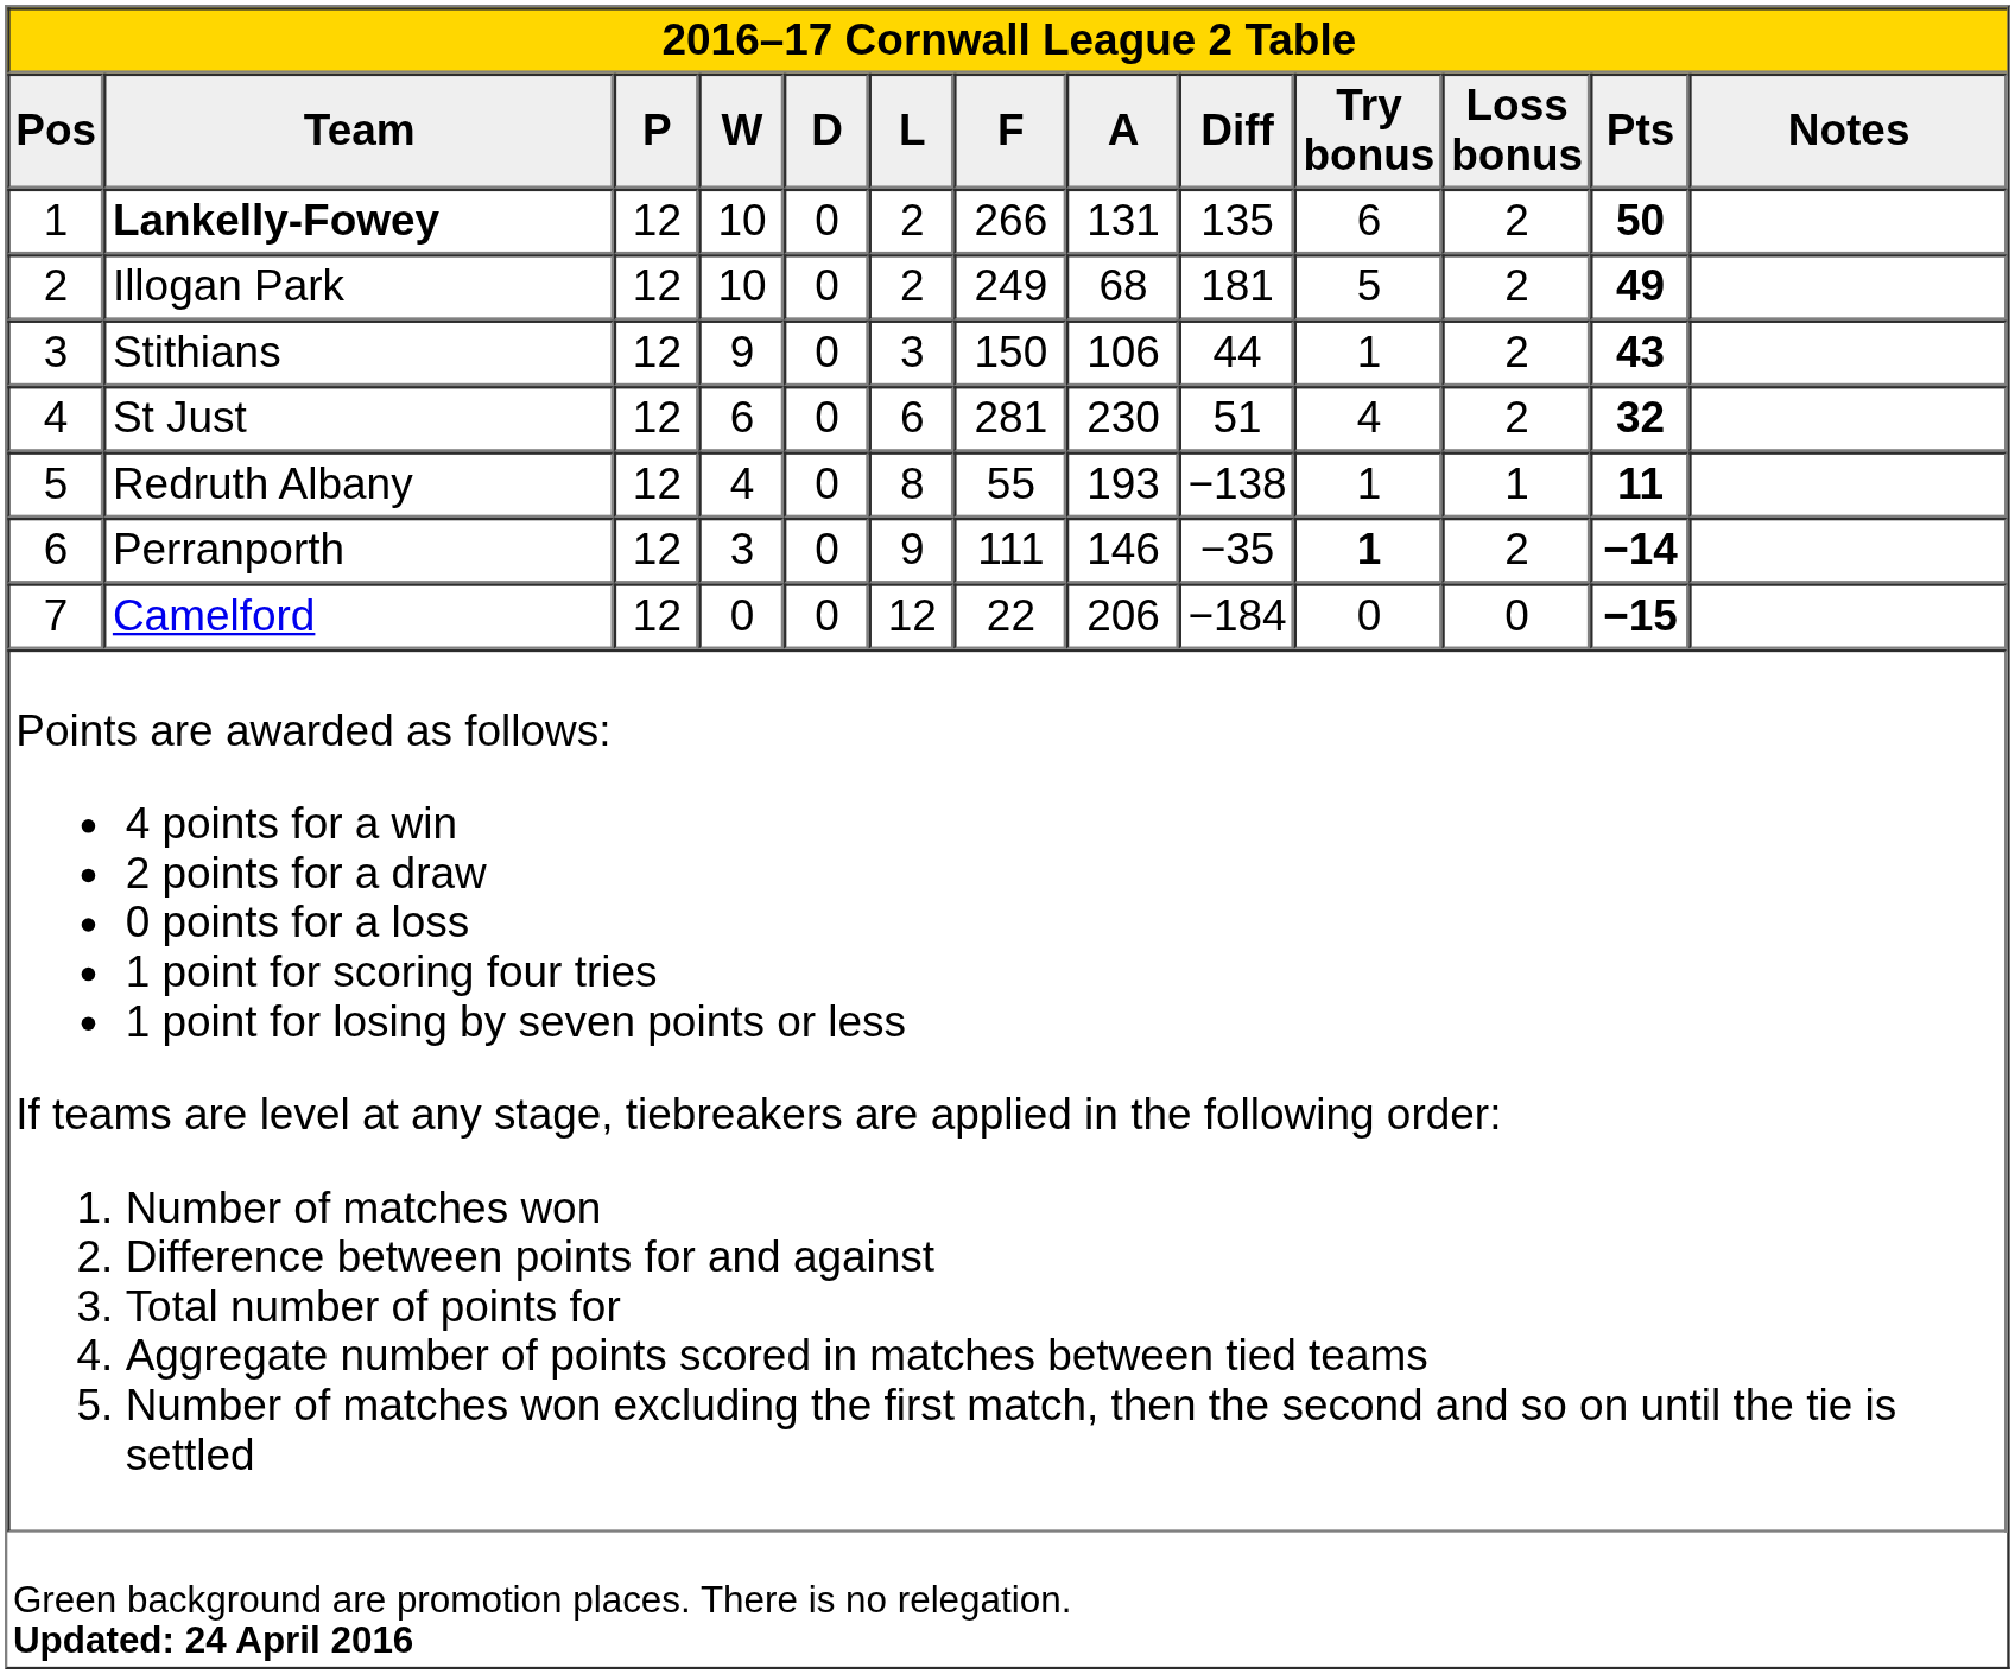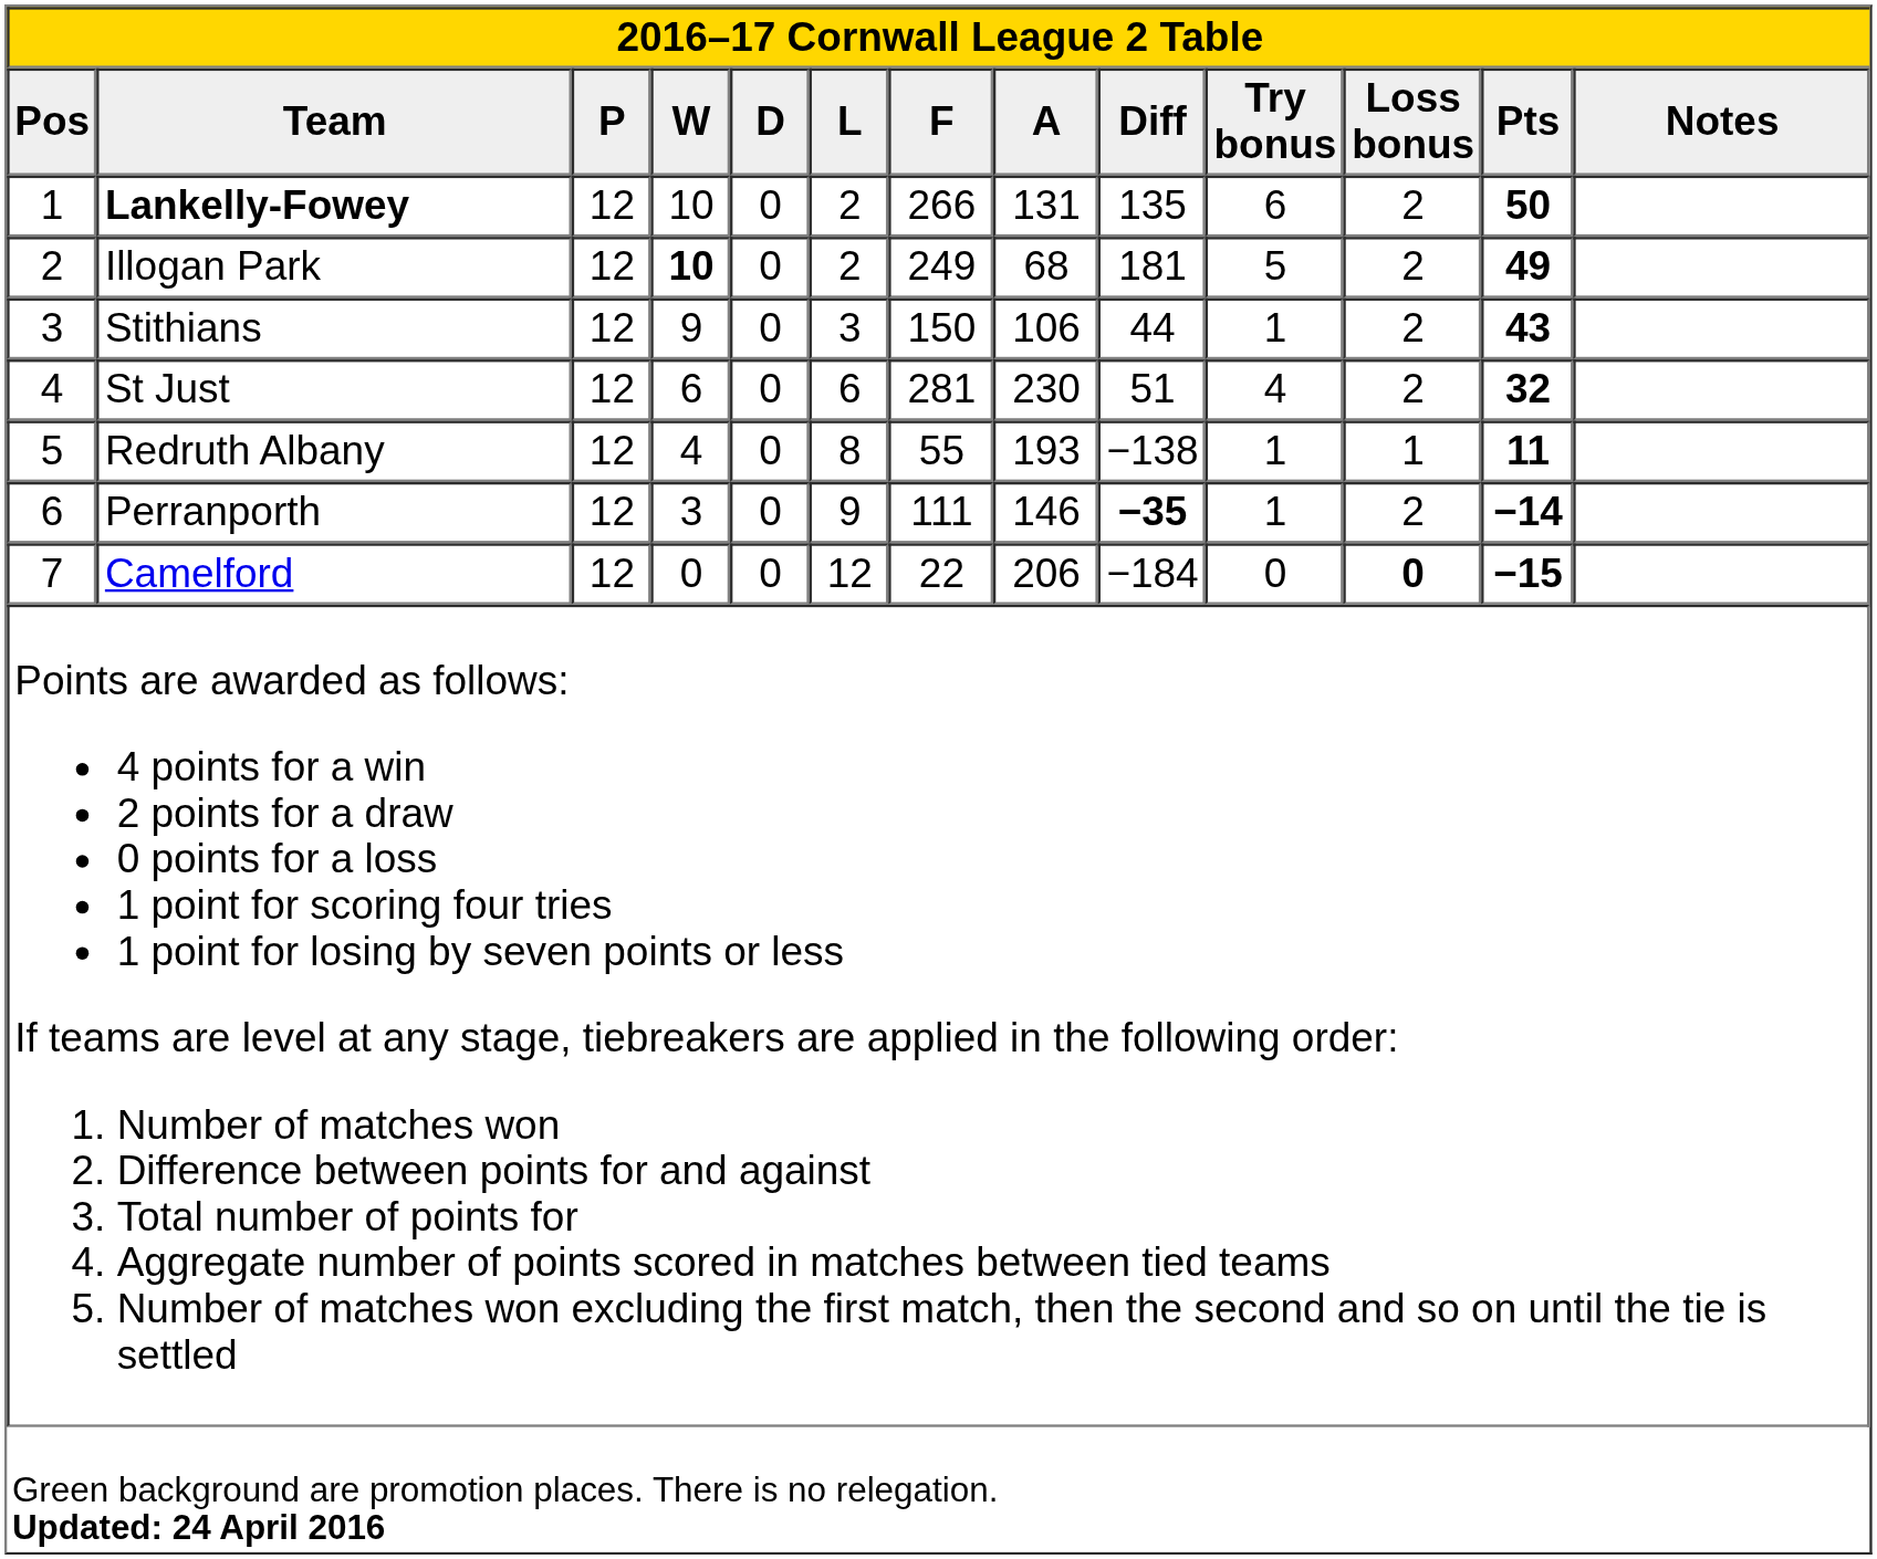 <table border="1" cellpadding="2" cellspacing="0">
 <tr bgcolor="gold">
 <th colspan=13 style="border-right:0px;";>2016–17 Cornwall League 2 Table</th>
 </tr>
 <tr bgcolor="#efefef">
 <th width="20">Pos</th>
 <th width="180">Team</th>
 <th width="25">P</th>
 <th width="25">W</th>
 <th width="25">D</th>
 <th width="25">L</th>
 <th width="35">F</th>
 <th width="35">A</th>
 <th width="35">Diff</th>
 <th width="35">Try bonus</th>
 <th width="35">Loss bonus</th>
 <th width="30">Pts</th>
 <th width="110">Notes</th>
 </tr>
 <tr align=center>
 <td>1</td>
 <td align=left><strong>Lankelly-Fowey</strong></td>
 <td>12</td>
 <td>10</td>
 <td>0</td>
 <td>2</td>
 <td>266</td>
 <td>131</td>
 <td>135</td>
 <td>6</td>
 <td>2</td>
 <td><strong>50</strong></td>
 <td></td>
 </tr>
 <tr align=center>
 <td>2</td>
 <td align=left>Illogan Park</td>
 <td>12</td>
-<td>10</td>
+<td><strong>10</strong></td>
 <td>0</td>
 <td>2</td>
 <td>249</td>
 <td>68</td>
 <td>181</td>
 <td>5</td>
 <td>2</td>
 <td><strong>49</strong></td>
 <td></td>
 </tr>
 <tr align=center>
 <td>3</td>
 <td align=left>Stithians</td>
 <td>12</td>
 <td>9</td>
 <td>0</td>
 <td>3</td>
 <td>150</td>
 <td>106</td>
 <td>44</td>
 <td>1</td>
 <td>2</td>
 <td><strong>43</strong></td>
 <td></td>
 </tr>
 <tr align=center>
 <td>4</td>
 <td align=left>St Just</td>
 <td>12</td>
 <td>6</td>
 <td>0</td>
 <td>6</td>
 <td>281</td>
 <td>230</td>
 <td>51</td>
 <td>4</td>
 <td>2</td>
 <td><strong>32</strong></td>
 <td></td>
 </tr>
 <tr align=center>
 <td>5</td>
 <td align=left>Redruth Albany</td>
 <td>12</td>
 <td>4</td>
 <td>0</td>
 <td>8</td>
 <td>55</td>
 <td>193</td>
 <td>−138</td>
 <td>1</td>
 <td>1</td>
 <td><strong>11</strong></td>
 <td></td>
 </tr>
 <tr align=center>
 <td>6</td>
 <td align=left>Perranporth</td>
 <td>12</td>
 <td>3</td>
 <td>0</td>
 <td>9</td>
 <td>111</td>
 <td>146</td>
-<td>−35</td>
-<td><strong>1</strong></td>
+<td><strong>−35</strong></td>
+<td>1</td>
 <td>2</td>
 <td><strong>−14</strong></td>
 <td></td>
 </tr>
 <tr align=center>
 <td>7</td>
 <td align=left><a href='#'>Camelford</a></td>
 <td>12</td>
 <td>0</td>
 <td>0</td>
 <td>12</td>
 <td>22</td>
 <td>206</td>
 <td>−184</td>
 <td>0</td>
-<td>0</td>
+<td><strong>0</strong></td>
 <td><strong>−15</strong></td>
 <td></td>
 </tr>
 <tr bgcolor=#ffffff>
 <td colspan="13"><br>Points are awarded as follows:<ul><li>4 points for a win</li><li>2 points for a draw</li><li>0 points for a loss</li><li>1 point for scoring four tries</li><li>1 point for losing by seven points or less</li></ul>If teams are level at any stage, tiebreakers are applied in the following order:<ol><li>Number of matches won</li><li>Difference between points for and against</li><li>Total number of points for</li><li>Aggregate number of points scored in matches between tied teams</li><li>Number of matches won excluding the first match, then the second and so on until the tie is settled</li></ol></td>
 </tr>
 <tr |align=left|>
 <td colspan="15" style="border:0px;font-size:85%;"><br><span>Green background</span> are promotion places. There is no relegation. <br> <strong>Updated: 24 April 2016</strong></td>
 </tr>
 </table>
